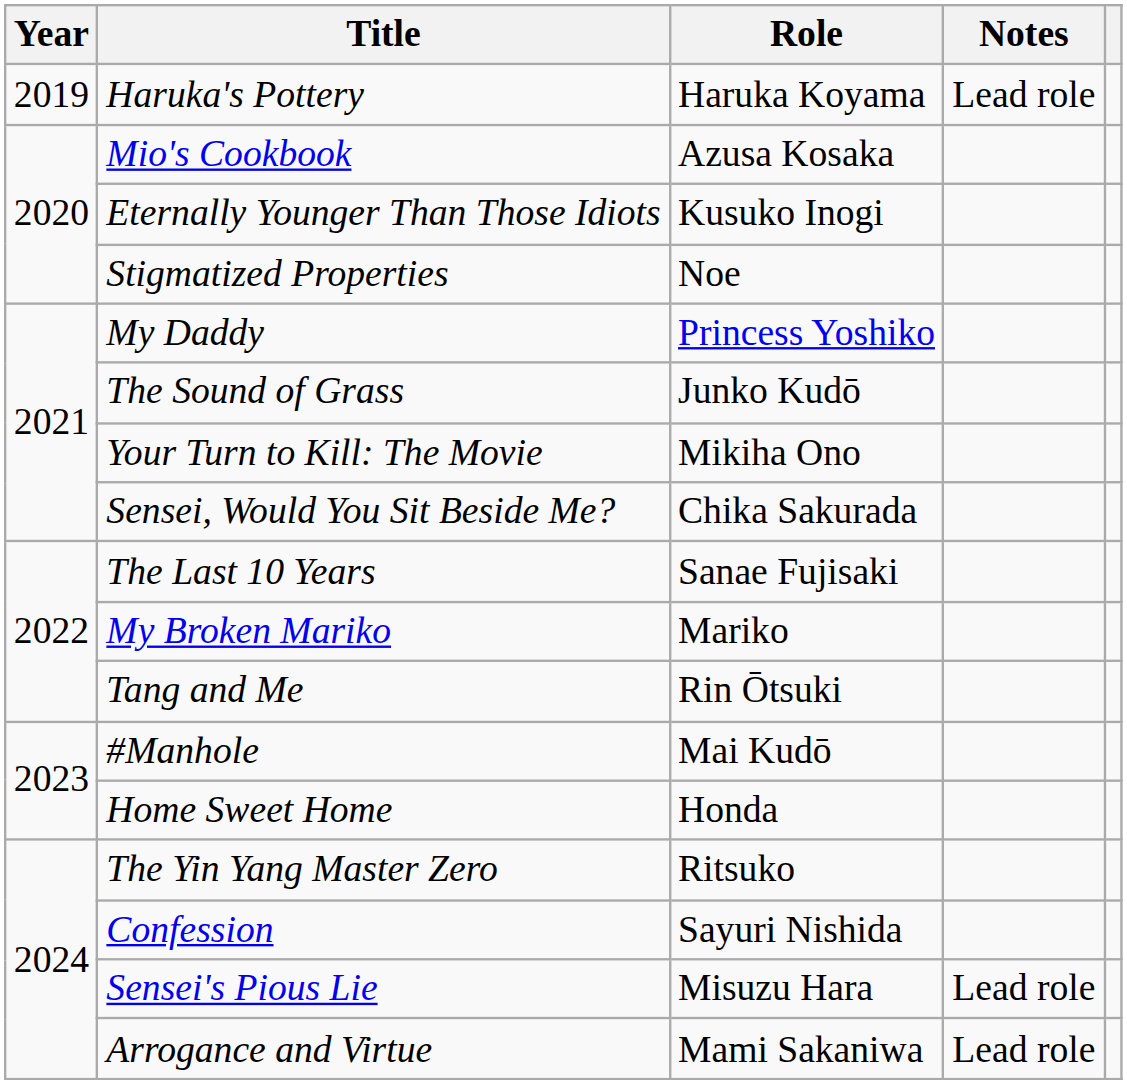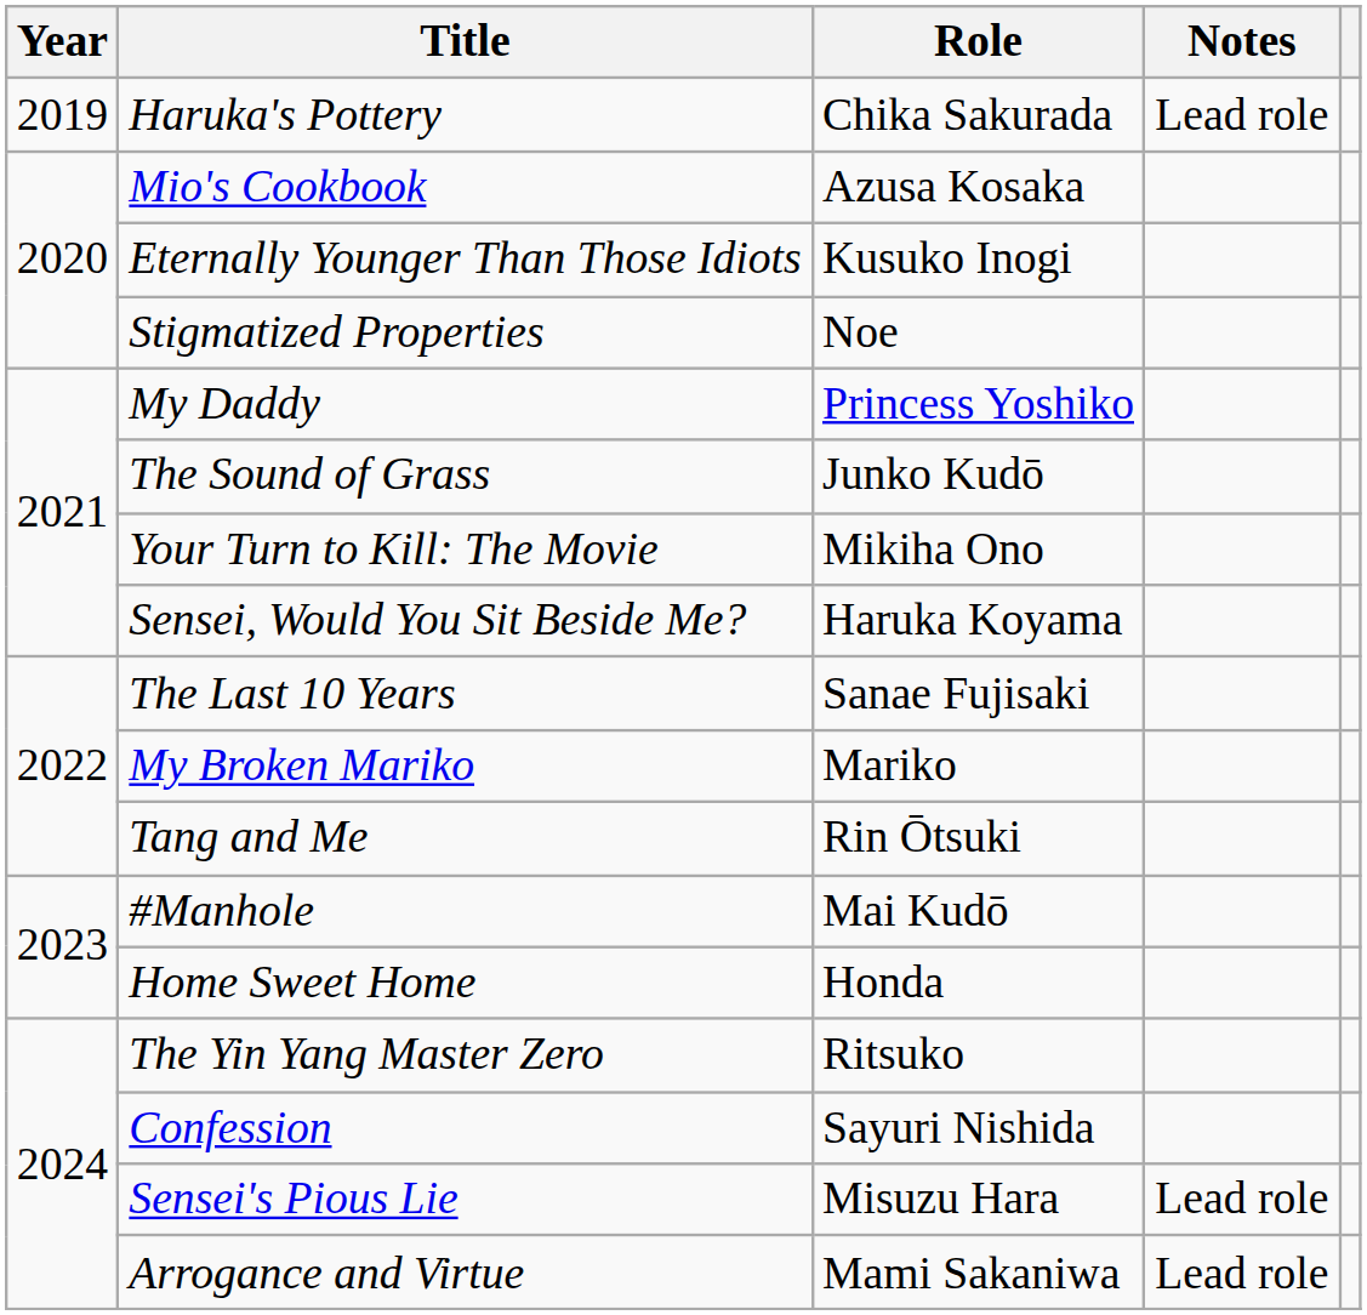 <table class="wikitable sortable">
 <tr>
 <th>Year</th>
 <th>Title</th>
 <th>Role</th>
 <th class="unsortable">Notes</th>
 <th class="unsortable"></th>
 </tr>
 <tr>
 <td>2019</td>
 <td><em>Haruka's Pottery</em></td>
-<td>Haruka Koyama</td>
+<td>Chika Sakurada</td>
 <td>Lead role</td>
 <td></td>
 </tr>
 <tr>
 <td rowspan=3>2020</td>
 <td><em><a href='#'>Mio's Cookbook</a></em></td>
 <td>Azusa Kosaka</td>
 <td></td>
 <td></td>
 </tr>
 <tr>
 <td><em>Eternally Younger Than Those Idiots</em></td>
 <td>Kusuko Inogi</td>
 <td></td>
 <td></td>
 </tr>
 <tr>
 <td><em>Stigmatized Properties</em></td>
 <td>Noe</td>
 <td></td>
 <td></td>
 </tr>
 <tr>
 <td rowspan=4>2021</td>
 <td><em>My Daddy</em></td>
 <td><a href='#'>Princess Yoshiko</a></td>
 <td></td>
 <td></td>
 </tr>
 <tr>
 <td><em>The Sound of Grass</em></td>
 <td>Junko Kudō</td>
 <td></td>
 <td></td>
 </tr>
 <tr>
 <td><em>Your Turn to Kill: The Movie</em></td>
 <td>Mikiha Ono</td>
 <td></td>
 <td></td>
 </tr>
 <tr>
 <td><em>Sensei, Would You Sit Beside Me?</em></td>
-<td>Chika Sakurada</td>
+<td>Haruka Koyama</td>
 <td></td>
 <td></td>
 </tr>
 <tr>
 <td rowspan=3>2022</td>
 <td><em>The Last 10 Years</em></td>
 <td>Sanae Fujisaki</td>
 <td></td>
 <td></td>
 </tr>
 <tr>
 <td><em><a href='#'>My Broken Mariko</a></em></td>
 <td>Mariko</td>
 <td></td>
 <td></td>
 </tr>
 <tr>
 <td><em>Tang and Me</em></td>
 <td>Rin Ōtsuki</td>
 <td></td>
 <td></td>
 </tr>
 <tr>
 <td rowspan=2>2023</td>
 <td><em>#Manhole</em></td>
 <td>Mai Kudō</td>
 <td></td>
 <td></td>
 </tr>
 <tr>
 <td><em>Home Sweet Home</em></td>
 <td>Honda</td>
 <td></td>
 <td></td>
 </tr>
 <tr>
 <td rowspan=4>2024</td>
 <td><em>The Yin Yang Master Zero</em></td>
 <td>Ritsuko</td>
 <td></td>
 <td></td>
 </tr>
 <tr>
 <td><em><a href='#'>Confession</a></em></td>
 <td>Sayuri Nishida</td>
 <td></td>
 <td></td>
 </tr>
 <tr>
 <td><em><a href='#'>Sensei's Pious Lie</a></em></td>
 <td>Misuzu Hara</td>
 <td>Lead role</td>
 <td></td>
 </tr>
 <tr>
 <td><em>Arrogance and Virtue</em></td>
 <td>Mami Sakaniwa</td>
 <td>Lead role</td>
 <td></td>
 </tr>
 <tr>
 </tr>
 </table>
